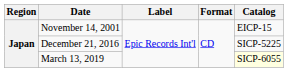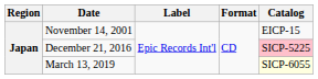 <table class="wikitable plainrowheaders">
 <tr>
 <th scope="col">Region</th>
 <th scope="col">Date</th>
 <th scope="col">Label</th>
 <th scope="col">Format</th>
 <th scope="col">Catalog</th>
 </tr>
 <tr>
 <th scope="row" rowspan="3">Japan</th>
 <td>November 14, 2001</td>
 <td rowspan="3"><a href='#'>Epic Records Int'l</a></td>
 <td rowspan="3"><a href='#'>CD</a></td>
 <td>EICP-15</td>
 </tr>
 <tr>
 <td>December 21, 2016</td>
-<td>SICP-5225</td>
+<td style="background: pink;">SICP-5225</td>
 </tr>
 <tr>
 <td>March 13, 2019</td>
 <td style="background: lightyellow;">SICP-6055</td>
 </tr>
 </table>
